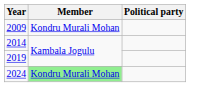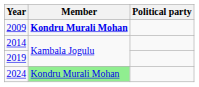 <table class="wikitable sortable">
 <tr>
 <th>Year</th>
 <th>Member</th>
 <th colspan="2">Political party</th>
 </tr>
 <tr>
 <td><a href='#'>2009</a></td>
-<td><a href='#'>Kondru Murali Mohan</a></td>
+<td><strong><a href='#'>Kondru Murali Mohan</a></strong></td>
 <td></td>
 </tr>
 <tr>
 <td><a href='#'>2014</a></td>
 <td rowspan=2><a href='#'>Kambala Jogulu</a></td>
 <td></td>
 </tr>
 <tr>
 <td><a href='#'>2019</a></td>
 </tr>
 <tr>
 <td><a href='#'>2024</a></td>
 <td style="background: lightgreen;"><a href='#'>Kondru Murali Mohan</a></td>
 <td></td>
 </tr>
 </table>
